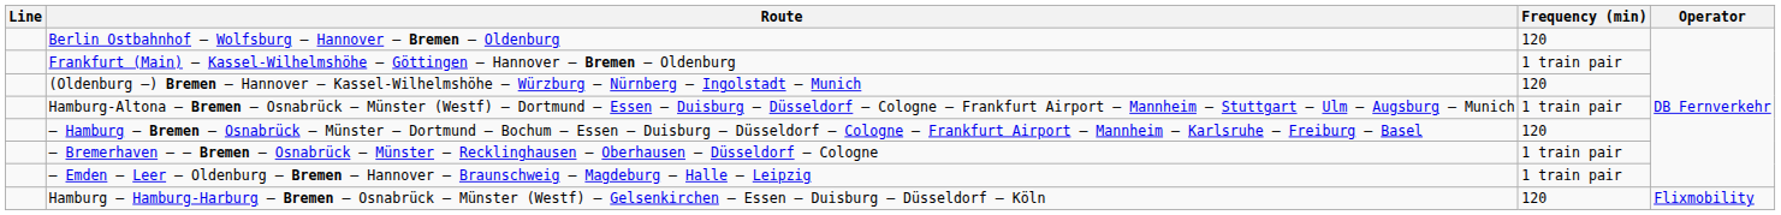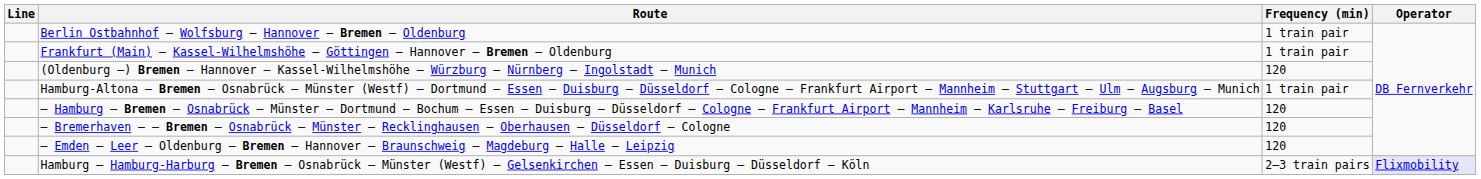 <table class="wikitable">
 <tr>
 <th>Line</th>
 <th>Route</th>
 <th>Frequency (min)</th>
 <th>Operator</th>
 </tr>
 <tr>
 <td></td>
 <td><a href='#'>Berlin Ostbahnhof</a> – <a href='#'>Wolfsburg</a> – <a href='#'>Hannover</a> – <strong>Bremen</strong> – <a href='#'>Oldenburg</a></td>
-<td>120</td>
+<td>1 train pair</td>
 <td rowspan="7"><a href='#'>DB Fernverkehr</a></td>
 </tr>
 <tr>
 <td></td>
 <td><a href='#'>Frankfurt (Main)</a> – <a href='#'>Kassel-Wilhelmshöhe</a> – <a href='#'>Göttingen</a> – Hannover – <strong>Bremen</strong> – Oldenburg</td>
 <td>1 train pair</td>
 </tr>
 <tr>
 <td></td>
 <td>(Oldenburg –) <strong>Bremen</strong> – Hannover – Kassel-Wilhelmshöhe – <a href='#'>Würzburg</a> – <a href='#'>Nürnberg</a> – <a href='#'>Ingolstadt</a> – <a href='#'>Munich</a></td>
 <td>120</td>
 </tr>
 <tr>
 <td></td>
 <td>Hamburg-Altona – <strong>Bremen</strong> – Osnabrück – Münster (Westf) – Dortmund – <a href='#'>Essen</a> – <a href='#'>Duisburg</a> – <a href='#'>Düsseldorf</a> – Cologne – Frankfurt Airport – <a href='#'>Mannheim</a> – <a href='#'>Stuttgart</a> – <a href='#'>Ulm</a> – <a href='#'>Augsburg</a> – Munich</td>
 <td>1 train pair</td>
 </tr>
 <tr>
 <td></td>
 <td> – <a href='#'>Hamburg</a> – <strong>Bremen</strong> – <a href='#'>Osnabrück</a> – Münster – Dortmund – Bochum – Essen – Duisburg – Düsseldorf – <a href='#'>Cologne</a> – <a href='#'>Frankfurt Airport</a> – <a href='#'>Mannheim</a> – <a href='#'>Karlsruhe</a> – <a href='#'>Freiburg</a> – <a href='#'>Basel</a></td>
 <td>120</td>
 </tr>
 <tr>
 <td></td>
 <td> – <a href='#'>Bremerhaven</a> –  – <strong>Bremen</strong> – <a href='#'>Osnabrück</a> – <a href='#'>Münster</a> – <a href='#'>Recklinghausen</a> – <a href='#'>Oberhausen</a> – <a href='#'>Düsseldorf</a> – Cologne</td>
-<td>1 train pair</td>
+<td>120</td>
 </tr>
 <tr>
 <td></td>
 <td> – <a href='#'>Emden</a> – <a href='#'>Leer</a> – Oldenburg – <strong>Bremen</strong> – Hannover – <a href='#'>Braunschweig</a> – <a href='#'>Magdeburg</a> – <a href='#'>Halle</a> – <a href='#'>Leipzig</a></td>
-<td>1 train pair</td>
+<td>120</td>
 </tr>
 <tr>
 <td></td>
 <td>Hamburg – <a href='#'>Hamburg-Harburg</a> – <strong>Bremen</strong> – Osnabrück – Münster (Westf) – <a href='#'>Gelsenkirchen</a> – Essen – Duisburg – Düsseldorf – Köln</td>
-<td>120</td>
-<td><a href='#'>Flixmobility</a></td>
+<td>2–3 train pairs</td>
+<td style="background: lavender;"><a href='#'>Flixmobility</a></td>
 </tr>
 </table>
